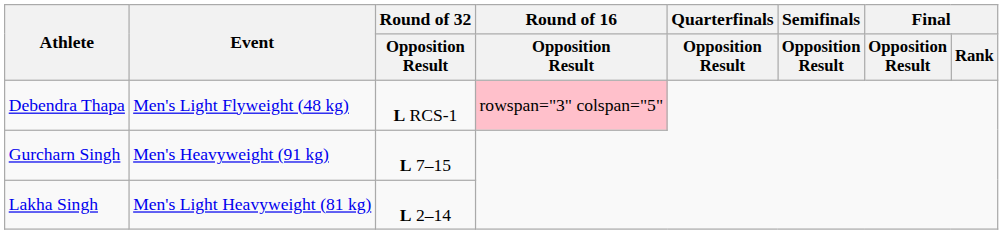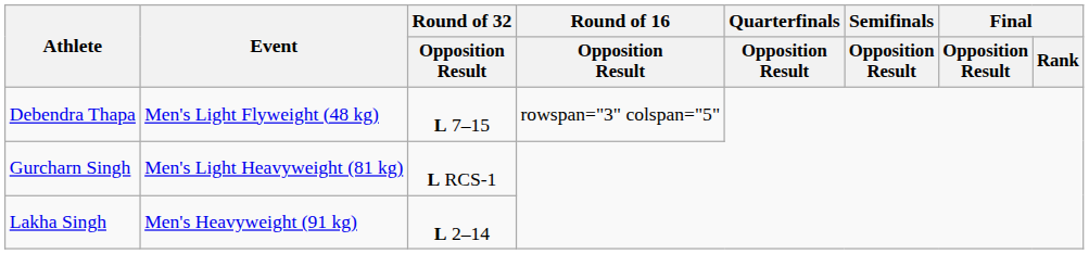 <table class="wikitable" style="font-size:90%">
 <tr>
 <th rowspan="2">Athlete</th>
 <th rowspan="2">Event</th>
 <th>Round of 32</th>
 <th>Round of 16</th>
 <th>Quarterfinals</th>
 <th>Semifinals</th>
 <th colspan=2>Final</th>
 </tr>
 <tr style="font-size:95%">
 <th>Opposition<br>Result</th>
 <th>Opposition<br>Result</th>
 <th>Opposition<br>Result</th>
 <th>Opposition<br>Result</th>
 <th>Opposition<br>Result</th>
 <th>Rank</th>
 </tr>
 <tr align=center>
 <td align=left><a href='#'>Debendra Thapa</a></td>
 <td align=left><a href='#'>Men's Light Flyweight (48 kg)</a></td>
-<td><br><strong>L</strong> RCS-1</td>
-<td style="background: pink;">rowspan="3" colspan="5" </td>
+<td><br><strong>L</strong> 7–15</td>
+<td>rowspan="3" colspan="5" </td>
 </tr>
 <tr align=center>
 <td align=left><a href='#'>Gurcharn Singh</a></td>
-<td align=left><a href='#'>Men's Heavyweight (91 kg)</a></td>
-<td><br><strong>L</strong> 7–15</td>
+<td align=left><a href='#'>Men's Light Heavyweight (81 kg)</a></td>
+<td><br><strong>L</strong> RCS-1</td>
 </tr>
 <tr align=center>
 <td align=left><a href='#'>Lakha Singh</a></td>
-<td align=left><a href='#'>Men's Light Heavyweight (81 kg)</a></td>
+<td align=left><a href='#'>Men's Heavyweight (91 kg)</a></td>
 <td><br><strong>L</strong> 2–14</td>
 </tr>
 </table>
